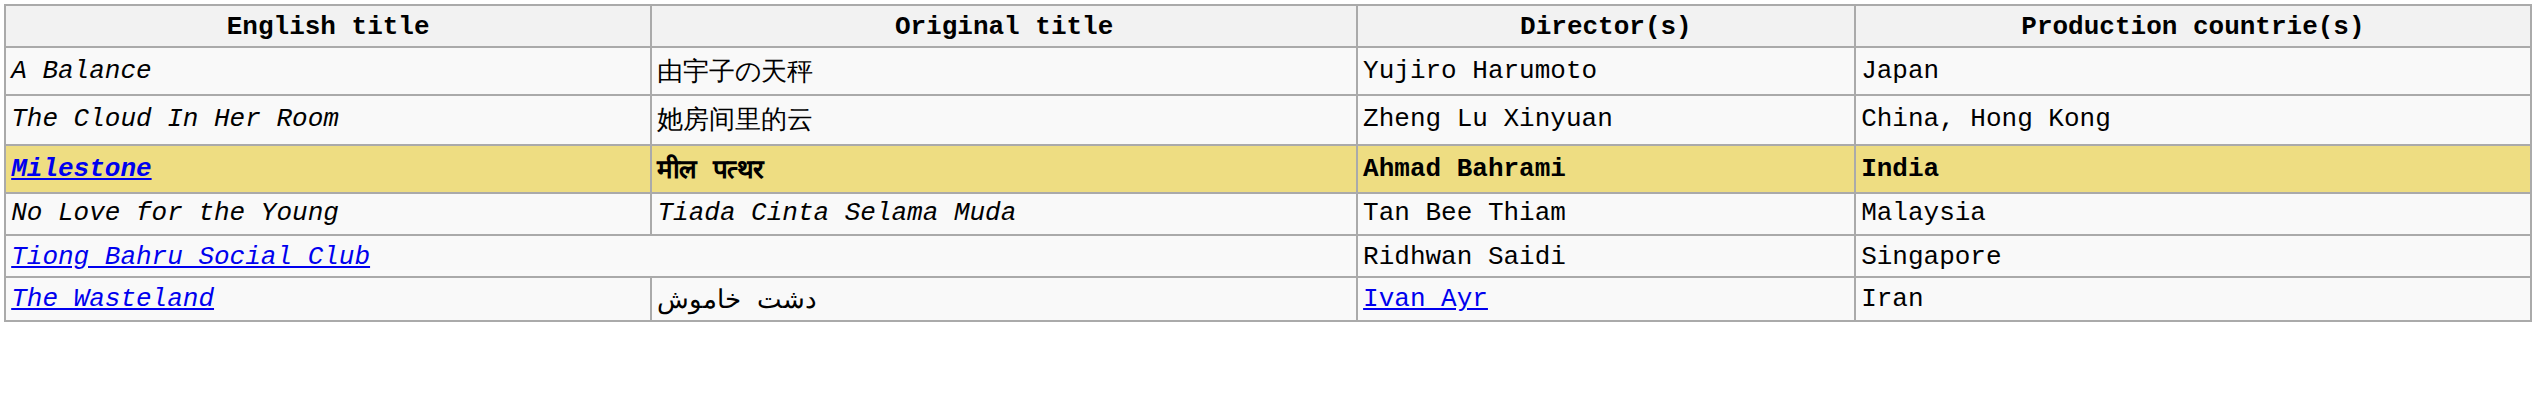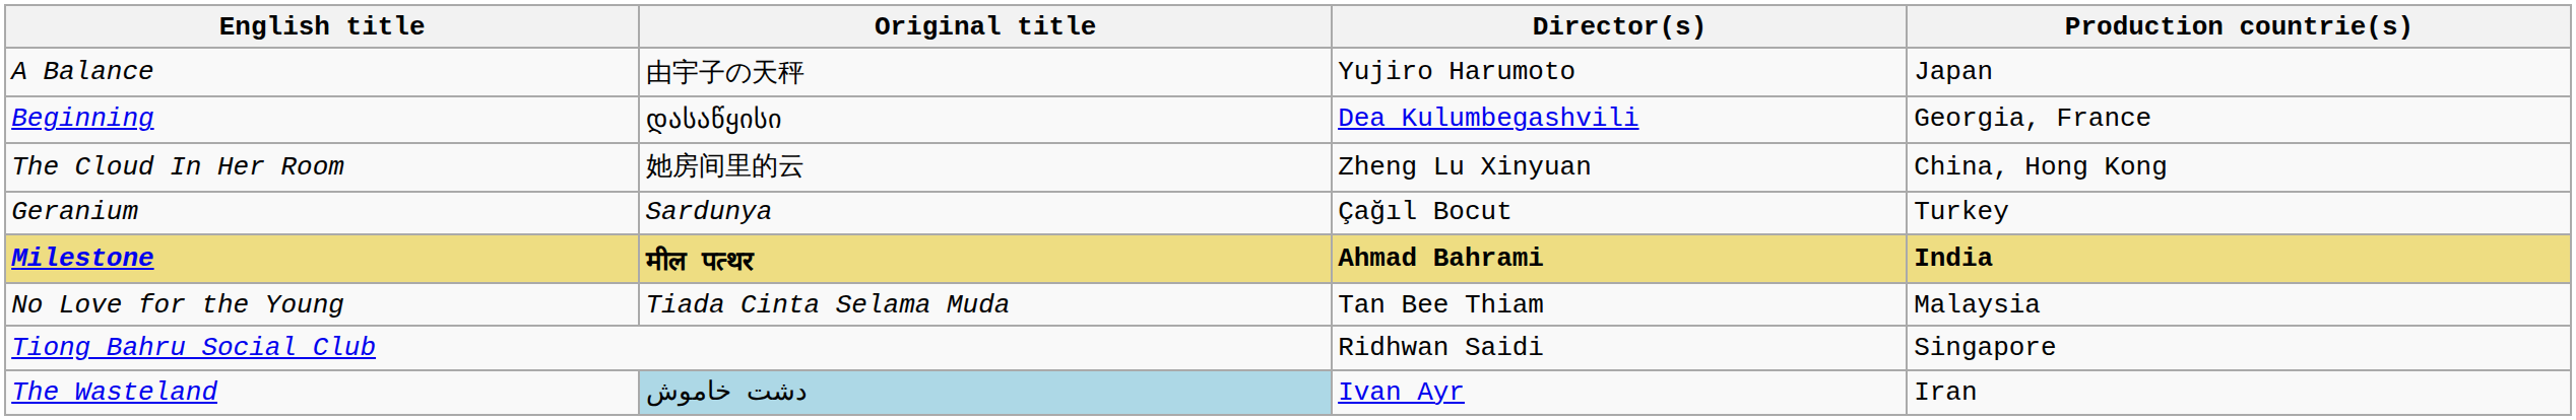 <table class="sortable wikitable" style="width:100%; margin-bottom:4px">
 <tr>
 <th scope="col">English title</th>
 <th scope="col">Original title</th>
 <th scope="col">Director(s)</th>
 <th scope="col">Production countrie(s)</th>
 </tr>
 <tr>
 <td><em>A Balance</em></td>
 <td>由宇子の天秤</td>
 <td>Yujiro Harumoto</td>
 <td>Japan</td>
 </tr>
 <tr>
+<td><em><a href='#'>Beginning</a></em></td>
+<td>დასაწყისი</td>
+<td><a href='#'>Dea Kulumbegashvili</a></td>
+<td>Georgia, France</td>
+</tr>
+<tr>
 <td><em>The Cloud In Her Room</em></td>
 <td>她房间里的云</td>
 <td>Zheng Lu Xinyuan</td>
 <td>China, Hong Kong</td>
+</tr>
+<tr>
+<td><em>Geranium</em></td>
+<td><em>Sardunya</em></td>
+<td>Çağıl Bocut</td>
+<td>Turkey</td>
 </tr>
 <tr>
 </tr>
 <tr style="background:#EEDD82; font-weight:bold;">
 <td><em><a href='#'>Milestone</a></em></td>
 <td>मील पत्थर</td>
 <td>Ahmad Bahrami</td>
 <td>India</td>
 </tr>
 <tr>
 <td><em>No Love for the Young</em></td>
 <td><em>Tiada Cinta Selama Muda</em></td>
 <td>Tan Bee Thiam</td>
 <td>Malaysia</td>
 </tr>
 <tr>
 <td colspan="2"><em><a href='#'>Tiong Bahru Social Club</a></em></td>
 <td>Ridhwan Saidi</td>
 <td>Singapore</td>
 </tr>
 <tr>
 <td><em><a href='#'>The Wasteland</a></em></td>
-<td>دشت خاموش‎</td>
+<td style="background: lightblue;">دشت خاموش‎</td>
 <td><a href='#'>Ivan Ayr</a></td>
 <td>Iran</td>
 </tr>
 </table>
